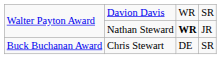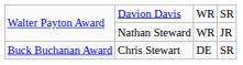 <table class="wikitable">
 <tr>
 <td rowspan=2><a href='#'>Walter Payton Award</a></td>
 <td><a href='#'>Davion Davis</a></td>
 <td>WR</td>
 <td>SR</td>
 </tr>
 <tr>
 <td>Nathan Steward</td>
-<td><strong>WR</strong></td>
+<td>WR</td>
 <td>JR</td>
 </tr>
 <tr>
 <td><a href='#'>Buck Buchanan Award</a></td>
 <td>Chris Stewart</td>
 <td>DE</td>
 <td>SR</td>
 </tr>
 </table>
